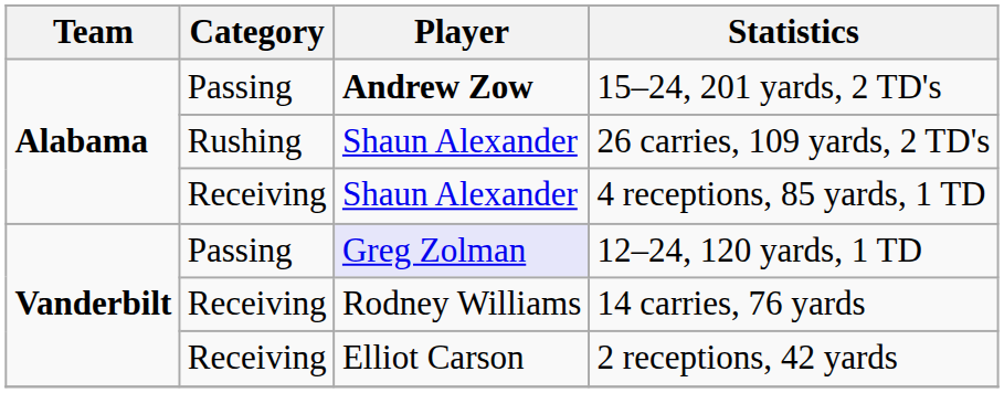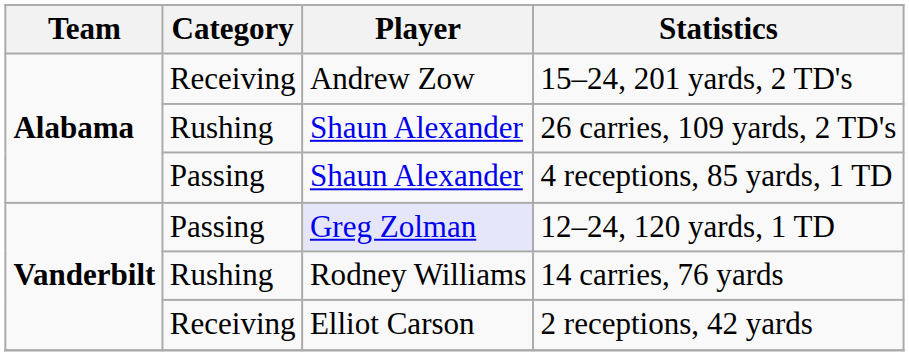 <table class="wikitable" style="float: right;">
 <tr>
 <th>Team</th>
 <th>Category</th>
 <th>Player</th>
 <th>Statistics</th>
 </tr>
 <tr>
 <td rowspan=3><strong>Alabama</strong></td>
-<td>Passing</td>
-<td><strong>Andrew Zow</strong></td>
+<td>Receiving</td>
+<td>Andrew Zow</td>
 <td>15–24, 201 yards, 2 TD's</td>
 </tr>
 <tr>
 <td>Rushing</td>
 <td><a href='#'>Shaun Alexander</a></td>
 <td>26 carries, 109 yards, 2 TD's</td>
 </tr>
 <tr>
-<td>Receiving</td>
+<td>Passing</td>
 <td><a href='#'>Shaun Alexander</a></td>
 <td>4 receptions, 85 yards, 1 TD</td>
 </tr>
 <tr>
 <td rowspan=3><strong>Vanderbilt</strong></td>
 <td>Passing</td>
 <td style="background: lavender;"><a href='#'>Greg Zolman</a></td>
 <td>12–24, 120 yards, 1 TD</td>
 </tr>
 <tr>
-<td>Receiving</td>
+<td>Rushing</td>
 <td>Rodney Williams</td>
 <td>14 carries, 76 yards</td>
 </tr>
 <tr>
 <td>Receiving</td>
 <td>Elliot Carson</td>
 <td>2 receptions, 42 yards</td>
 </tr>
 <tr>
 </tr>
 </table>
